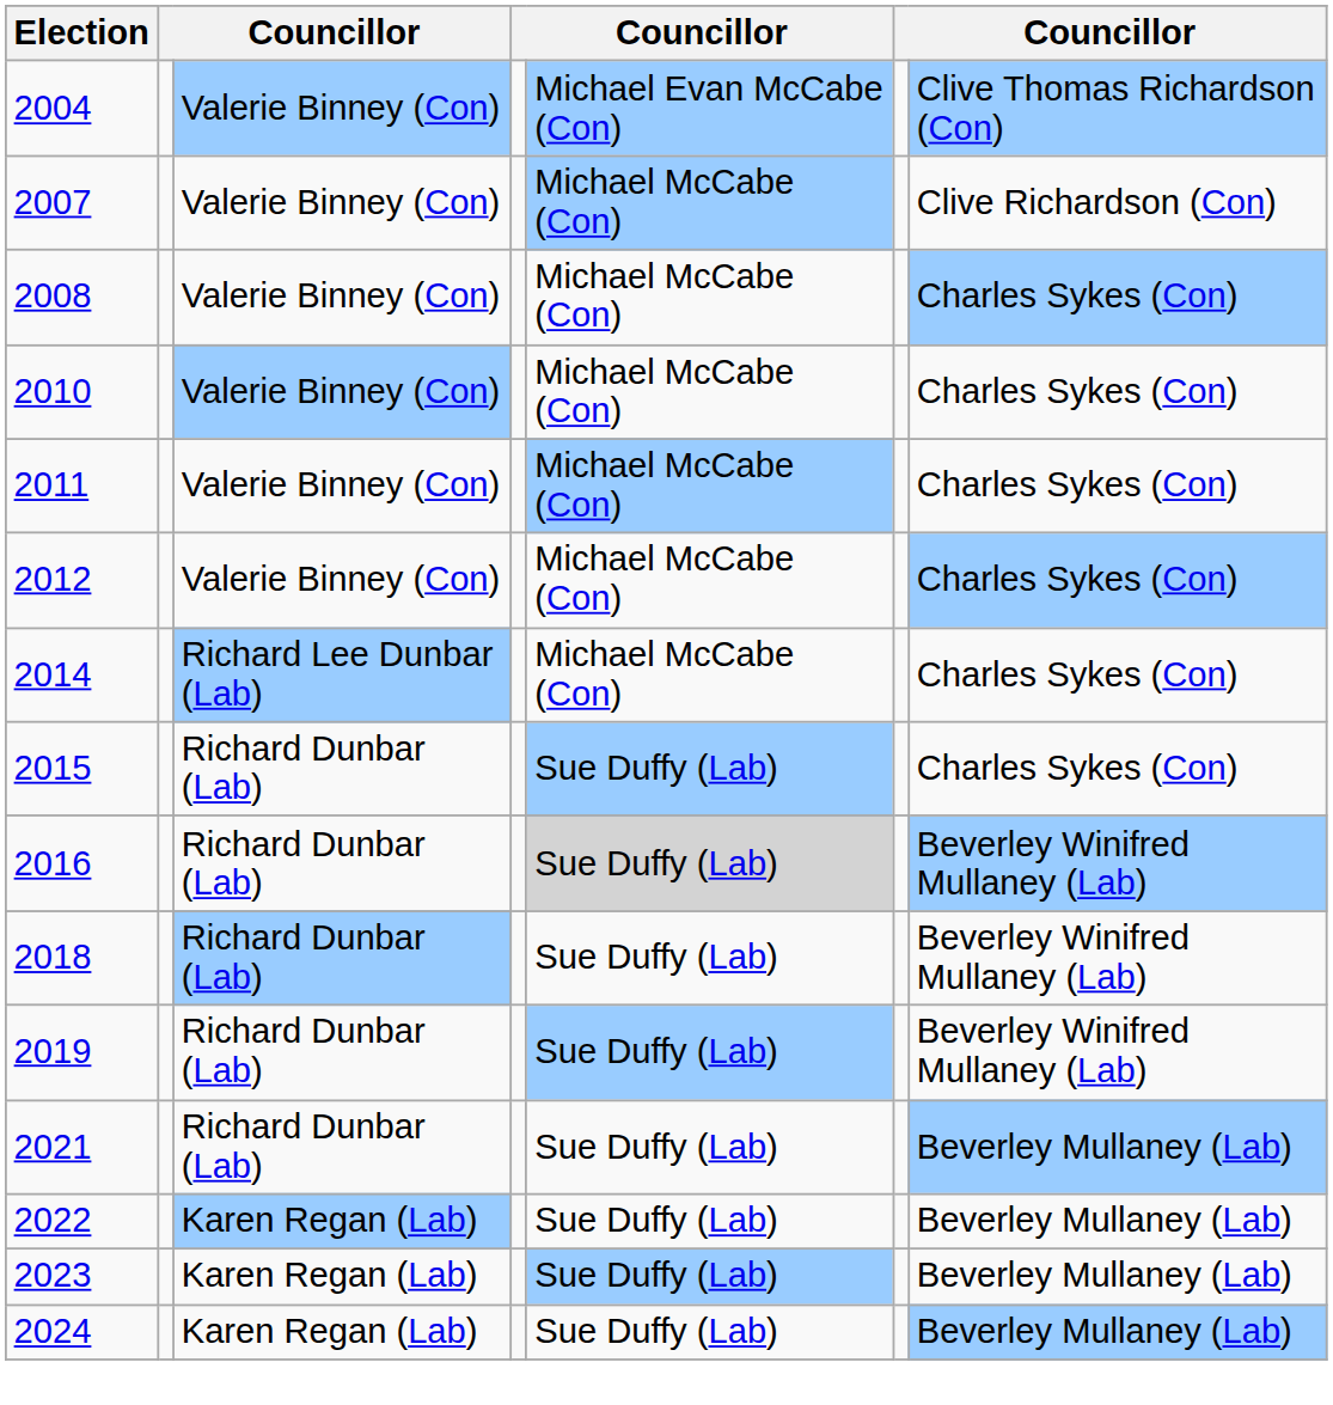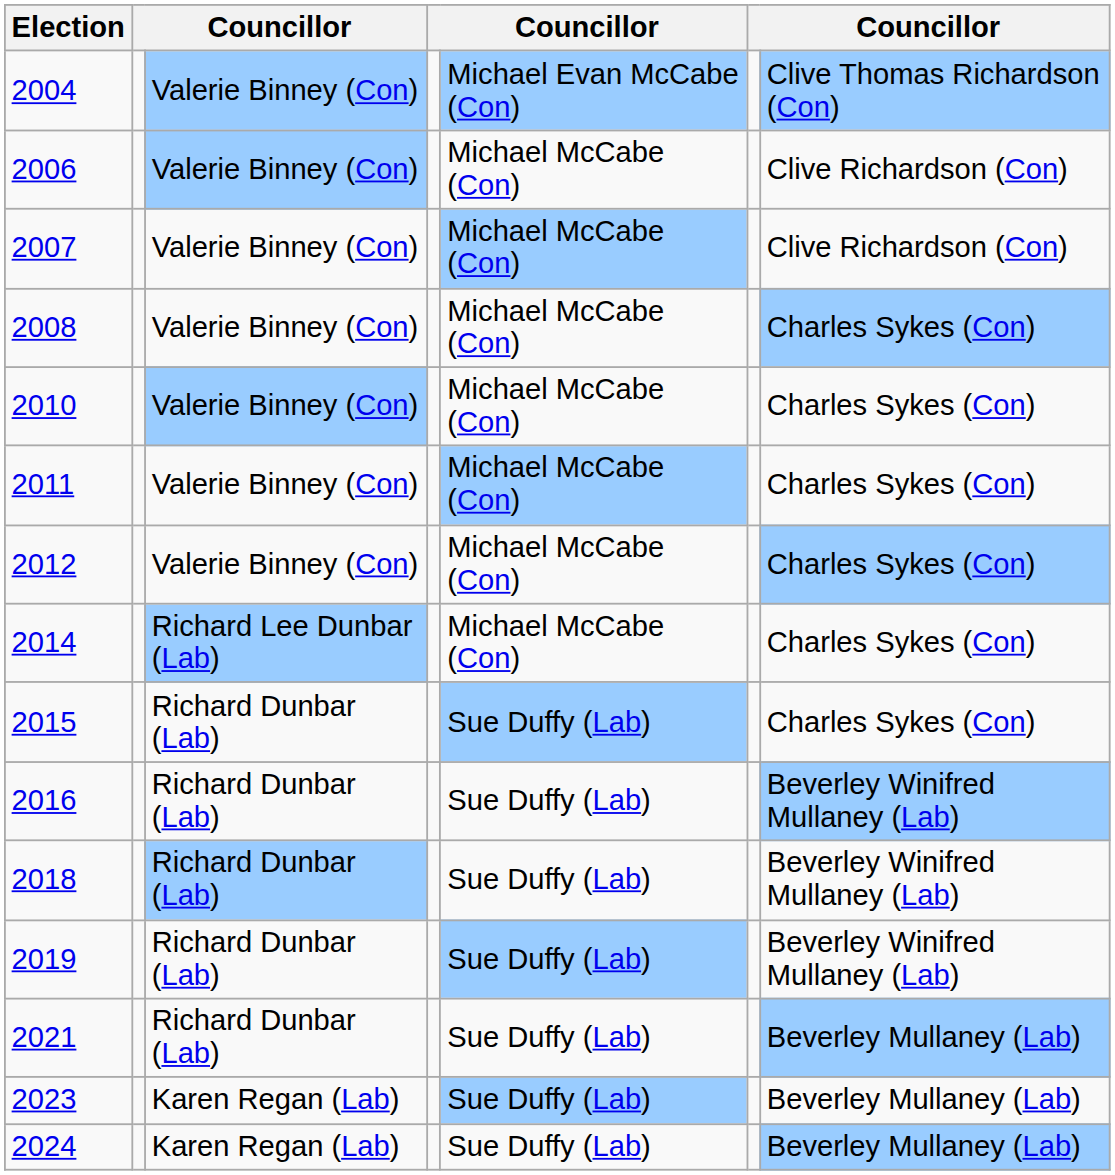 <table class="wikitable">
 <tr>
 <th>Election</th>
 <th colspan="2">Councillor</th>
 <th colspan="2">Councillor</th>
 <th colspan="2">Councillor</th>
 </tr>
 <tr>
 <td><a href='#'>2004</a></td>
 <td style="background-color: "></td>
 <td bgcolor="#99CCFF">Valerie Binney (<a href='#'>Con</a>)</td>
 <td style="background-color: "></td>
 <td bgcolor="#99CCFF">Michael Evan McCabe (<a href='#'>Con</a>)</td>
 <td style="background-color: "></td>
 <td bgcolor="#99CCFF">Clive Thomas Richardson (<a href='#'>Con</a>)</td>
+</tr>
+<tr>
+<td><a href='#'>2006</a></td>
+<td style="background-color: "></td>
+<td bgcolor="#99CCFF">Valerie Binney (<a href='#'>Con</a>)</td>
+<td style="background-color: "></td>
+<td>Michael McCabe (<a href='#'>Con</a>)</td>
+<td style="background-color: "></td>
+<td>Clive Richardson (<a href='#'>Con</a>)</td>
 </tr>
 <tr>
 <td><a href='#'>2007</a></td>
 <td style="background-color: "></td>
 <td>Valerie Binney (<a href='#'>Con</a>)</td>
 <td style="background-color: "></td>
 <td bgcolor="#99CCFF">Michael McCabe (<a href='#'>Con</a>)</td>
 <td style="background-color: "></td>
 <td>Clive Richardson (<a href='#'>Con</a>)</td>
 </tr>
 <tr>
 <td><a href='#'>2008</a></td>
 <td style="background-color: "></td>
 <td>Valerie Binney (<a href='#'>Con</a>)</td>
 <td style="background-color: "></td>
 <td>Michael McCabe (<a href='#'>Con</a>)</td>
 <td style="background-color: "></td>
 <td bgcolor="#99CCFF">Charles Sykes (<a href='#'>Con</a>)</td>
 </tr>
 <tr>
 <td><a href='#'>2010</a></td>
 <td style="background-color: "></td>
 <td bgcolor="#99CCFF">Valerie Binney (<a href='#'>Con</a>)</td>
 <td style="background-color: "></td>
 <td>Michael McCabe (<a href='#'>Con</a>)</td>
 <td style="background-color: "></td>
 <td>Charles Sykes (<a href='#'>Con</a>)</td>
 </tr>
 <tr>
 <td><a href='#'>2011</a></td>
 <td style="background-color: "></td>
 <td>Valerie Binney (<a href='#'>Con</a>)</td>
 <td style="background-color: "></td>
 <td bgcolor="#99CCFF">Michael McCabe (<a href='#'>Con</a>)</td>
 <td style="background-color: "></td>
 <td>Charles Sykes (<a href='#'>Con</a>)</td>
 </tr>
 <tr>
 <td><a href='#'>2012</a></td>
 <td style="background-color: "></td>
 <td>Valerie Binney (<a href='#'>Con</a>)</td>
 <td style="background-color: "></td>
 <td>Michael McCabe (<a href='#'>Con</a>)</td>
 <td style="background-color: "></td>
 <td bgcolor="#99CCFF">Charles Sykes (<a href='#'>Con</a>)</td>
 </tr>
 <tr>
 <td><a href='#'>2014</a></td>
 <td style="background-color: "></td>
 <td bgcolor="#99CCFF">Richard Lee Dunbar (<a href='#'>Lab</a>)</td>
 <td style="background-color: "></td>
 <td>Michael McCabe (<a href='#'>Con</a>)</td>
 <td style="background-color: "></td>
 <td>Charles Sykes (<a href='#'>Con</a>)</td>
 </tr>
 <tr>
 <td><a href='#'>2015</a></td>
 <td style="background-color: "></td>
 <td>Richard Dunbar (<a href='#'>Lab</a>)</td>
 <td style="background-color: "></td>
 <td bgcolor="#99CCFF">Sue Duffy (<a href='#'>Lab</a>)</td>
 <td style="background-color: "></td>
 <td>Charles Sykes (<a href='#'>Con</a>)</td>
 </tr>
 <tr>
 <td><a href='#'>2016</a></td>
 <td style="background-color: "></td>
 <td>Richard Dunbar (<a href='#'>Lab</a>)</td>
 <td style="background-color: "></td>
-<td style="background: lightgrey;">Sue Duffy (<a href='#'>Lab</a>)</td>
+<td>Sue Duffy (<a href='#'>Lab</a>)</td>
 <td style="background-color: "></td>
 <td bgcolor="#99CCFF">Beverley Winifred Mullaney (<a href='#'>Lab</a>)</td>
 </tr>
 <tr>
 <td><a href='#'>2018</a></td>
 <td style="background-color: "></td>
 <td bgcolor="#99CCFF">Richard Dunbar (<a href='#'>Lab</a>)</td>
 <td style="background-color: "></td>
 <td>Sue Duffy (<a href='#'>Lab</a>)</td>
 <td style="background-color: "></td>
 <td>Beverley Winifred Mullaney (<a href='#'>Lab</a>)</td>
 </tr>
 <tr>
 <td><a href='#'>2019</a></td>
 <td style="background-color: "></td>
 <td>Richard Dunbar (<a href='#'>Lab</a>)</td>
 <td style="background-color: "></td>
 <td bgcolor="#99CCFF">Sue Duffy (<a href='#'>Lab</a>)</td>
 <td style="background-color: "></td>
 <td>Beverley Winifred Mullaney (<a href='#'>Lab</a>)</td>
 </tr>
 <tr>
 <td><a href='#'>2021</a></td>
 <td style="background-color: "></td>
 <td>Richard Dunbar (<a href='#'>Lab</a>)</td>
 <td style="background-color: "></td>
 <td>Sue Duffy (<a href='#'>Lab</a>)</td>
 <td style="background-color: "></td>
 <td bgcolor="#99CCFF">Beverley Mullaney (<a href='#'>Lab</a>)</td>
 </tr>
 <tr>
-<td><a href='#'>2022</a></td>
-<td style="background-color: "></td>
-<td bgcolor="#99CCFF">Karen Regan (<a href='#'>Lab</a>)</td>
-<td style="background-color: "></td>
-<td>Sue Duffy (<a href='#'>Lab</a>)</td>
-<td style="background-color: "></td>
-<td>Beverley Mullaney (<a href='#'>Lab</a>)</td>
-</tr>
-<tr>
 <td><a href='#'>2023</a></td>
 <td style="background-color: "></td>
 <td>Karen Regan (<a href='#'>Lab</a>)</td>
 <td style="background-color: "></td>
 <td bgcolor="#99CCFF">Sue Duffy (<a href='#'>Lab</a>)</td>
 <td style="background-color: "></td>
 <td>Beverley Mullaney (<a href='#'>Lab</a>)</td>
 </tr>
 <tr>
 <td><a href='#'>2024</a></td>
 <td style="background-color: "></td>
 <td>Karen Regan (<a href='#'>Lab</a>)</td>
 <td style="background-color: "></td>
 <td>Sue Duffy (<a href='#'>Lab</a>)</td>
 <td style="background-color: "></td>
 <td bgcolor="#99CCFF">Beverley Mullaney (<a href='#'>Lab</a>)</td>
 </tr>
 </table>
